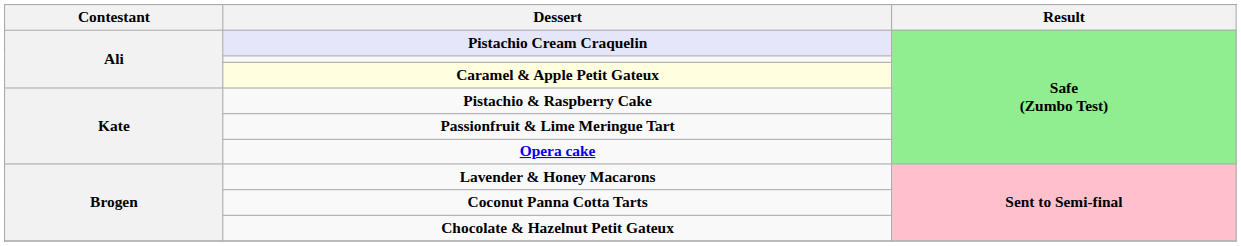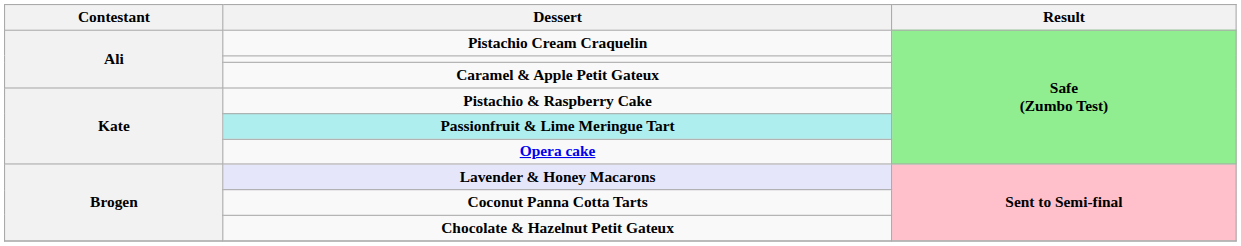 <table class="wikitable plainrowheaders" style="text-align:center; font-size:90%; width:80em;">
 <tr>
 <th>Contestant</th>
 <th>Dessert</th>
 <th>Result</th>
 </tr>
 <tr>
 <th rowspan="3">Ali</th>
-<td style="background: lavender;"><strong>Pistachio Cream Craquelin</strong></td>
+<td><strong>Pistachio Cream Craquelin</strong></td>
 <td rowspan="6" style="background:lightgreen;"><strong>Safe<br>(Zumbo Test)</strong></td>
 </tr>
 <tr>
 <td></td>
 </tr>
 <tr>
-<td style="background: lightyellow;"><strong>Caramel & Apple Petit Gateux</strong></td>
+<td><strong>Caramel & Apple Petit Gateux</strong></td>
 </tr>
 <tr>
 <th rowspan="3">Kate</th>
 <td><strong>Pistachio & Raspberry Cake</strong></td>
 </tr>
 <tr>
-<td><strong>Passionfruit & Lime Meringue Tart</strong></td>
+<td style="background: paleturquoise;"><strong>Passionfruit & Lime Meringue Tart</strong></td>
 </tr>
 <tr>
 <td><strong><a href='#'>Opera cake</a></strong></td>
 </tr>
 <tr>
 <th rowspan="3">Brogen</th>
-<td><strong>Lavender & Honey Macarons</strong></td>
+<td style="background: lavender;"><strong>Lavender & Honey Macarons</strong></td>
 <td rowspan="3" style="background:pink;"><strong>Sent to Semi-final</strong></td>
 </tr>
 <tr>
 <td><strong>Coconut Panna Cotta Tarts</strong></td>
 </tr>
 <tr>
 <td><strong>Chocolate & Hazelnut Petit Gateux</strong></td>
 </tr>
 <tr>
 </tr>
 </table>
